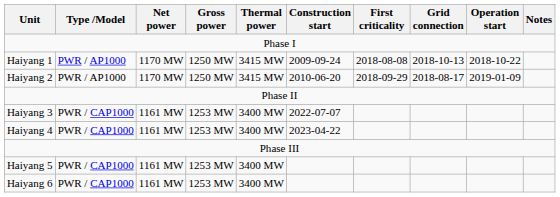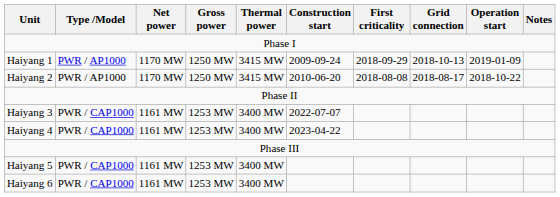 <table class="wikitable">
 <tr>
 <th>Unit</th>
 <th>Type /Model</th>
 <th>Net <br> power</th>
 <th>Gross <br> power</th>
 <th>Thermal <br> power</th>
 <th>Construction <br> start</th>
 <th>First <br>criticality</th>
 <th>Grid <br>connection</th>
 <th>Operation <br>start</th>
 <th>Notes</th>
 </tr>
 <tr>
 <td colspan="10" align="center">Phase I</td>
 </tr>
 <tr>
 <td>Haiyang 1</td>
 <td><a href='#'>PWR</a> / <a href='#'>AP1000</a></td>
 <td>1170 MW</td>
 <td>1250 MW</td>
 <td>3415 MW</td>
 <td>2009-09-24</td>
-<td>2018-08-08</td>
+<td>2018-09-29</td>
 <td>2018-10-13</td>
-<td>2018-10-22</td>
+<td>2019-01-09</td>
 <td></td>
 </tr>
 <tr>
 <td>Haiyang 2</td>
 <td>PWR / AP1000</td>
 <td>1170 MW</td>
 <td>1250 MW</td>
 <td>3415 MW</td>
 <td>2010-06-20</td>
-<td>2018-09-29</td>
+<td>2018-08-08</td>
 <td>2018-08-17</td>
-<td>2019-01-09</td>
+<td>2018-10-22</td>
 <td></td>
 </tr>
 <tr>
 <td colspan="10" align="center">Phase II </td>
 </tr>
 <tr>
 <td>Haiyang 3</td>
 <td>PWR / <a href='#'>CAP1000</a></td>
 <td>1161 MW</td>
 <td>1253 MW</td>
 <td>3400 MW</td>
 <td>2022-07-07</td>
 <td></td>
 <td></td>
 <td><em> </em></td>
 <td></td>
 </tr>
 <tr>
 <td>Haiyang 4</td>
 <td>PWR / <a href='#'>CAP1000</a></td>
 <td>1161 MW</td>
 <td>1253 MW</td>
 <td>3400 MW</td>
 <td>2023-04-22</td>
 <td></td>
 <td></td>
 <td><em> </em></td>
 <td></td>
 </tr>
 <tr>
 <td colspan="10" align="center">Phase III</td>
 </tr>
 <tr>
 <td>Haiyang 5</td>
 <td>PWR / <a href='#'>CAP1000</a></td>
 <td>1161 MW</td>
 <td>1253 MW</td>
 <td>3400 MW</td>
 <td></td>
 <td></td>
 <td></td>
 <td><em> </em></td>
 <td></td>
 </tr>
 <tr>
 <td>Haiyang 6</td>
 <td>PWR / <a href='#'>CAP1000</a></td>
 <td>1161 MW</td>
 <td>1253 MW</td>
 <td>3400 MW</td>
 <td></td>
 <td></td>
 <td></td>
 <td><em> </em></td>
 <td></td>
 </tr>
 </table>
